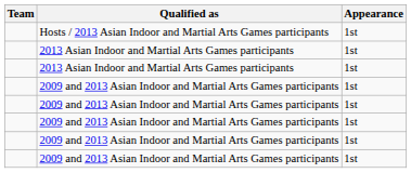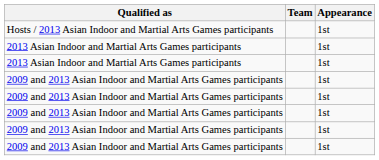 <table class="wikitable sortable">
 <tr>
+<th>Qualified as</th>
 <th>Team</th>
-<th>Qualified as</th>
 <th>Appearance</th>
 </tr>
 <tr>
+<td>Hosts / <a href='#'>2013</a> Asian Indoor and Martial Arts Games participants</td>
 <td></td>
-<td>Hosts / <a href='#'>2013</a> Asian Indoor and Martial Arts Games participants</td>
 <td>1st</td>
 </tr>
 <tr>
+<td><a href='#'>2013</a> Asian Indoor and Martial Arts Games participants</td>
 <td></td>
-<td><a href='#'>2013</a> Asian Indoor and Martial Arts Games participants</td>
 <td>1st</td>
 </tr>
 <tr>
+<td><a href='#'>2013</a> Asian Indoor and Martial Arts Games participants</td>
 <td></td>
-<td><a href='#'>2013</a> Asian Indoor and Martial Arts Games participants</td>
 <td>1st</td>
 </tr>
 <tr>
+<td><a href='#'>2009</a> and <a href='#'>2013</a> Asian Indoor and Martial Arts Games participants</td>
 <td></td>
-<td><a href='#'>2009</a> and <a href='#'>2013</a> Asian Indoor and Martial Arts Games participants</td>
 <td>1st</td>
 </tr>
 <tr>
+<td><a href='#'>2009</a> and <a href='#'>2013</a> Asian Indoor and Martial Arts Games participants</td>
 <td></td>
-<td><a href='#'>2009</a> and <a href='#'>2013</a> Asian Indoor and Martial Arts Games participants</td>
 <td>1st</td>
 </tr>
 <tr>
+<td><a href='#'>2009</a> and <a href='#'>2013</a> Asian Indoor and Martial Arts Games participants</td>
 <td></td>
-<td><a href='#'>2009</a> and <a href='#'>2013</a> Asian Indoor and Martial Arts Games participants</td>
 <td>1st</td>
 </tr>
 <tr>
+<td><a href='#'>2009</a> and <a href='#'>2013</a> Asian Indoor and Martial Arts Games participants</td>
 <td></td>
-<td><a href='#'>2009</a> and <a href='#'>2013</a> Asian Indoor and Martial Arts Games participants</td>
 <td>1st</td>
 </tr>
 <tr>
+<td><a href='#'>2009</a> and <a href='#'>2013</a> Asian Indoor and Martial Arts Games participants</td>
 <td></td>
-<td><a href='#'>2009</a> and <a href='#'>2013</a> Asian Indoor and Martial Arts Games participants</td>
 <td>1st</td>
 </tr>
 </table>
